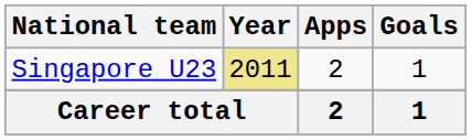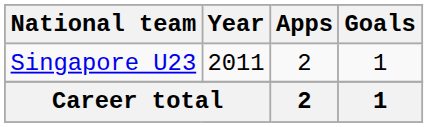 <table class="wikitable" style="text-align: center;">
 <tr style="background:beige">
 <th>National team</th>
 <th>Year</th>
 <th>Apps</th>
 <th>Goals</th>
 </tr>
 <tr>
 <td><a href='#'>Singapore U23</a></td>
-<td style="background: khaki;">2011</td>
+<td>2011</td>
 <td>2</td>
 <td>1</td>
 </tr>
 <tr>
 </tr>
 <tr style="background:beige">
 <th colspan="2">Career total</th>
 <th>2</th>
 <th>1</th>
 </tr>
 </table>
